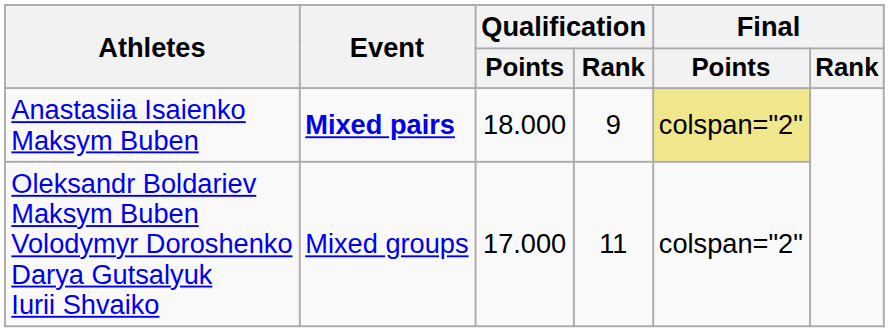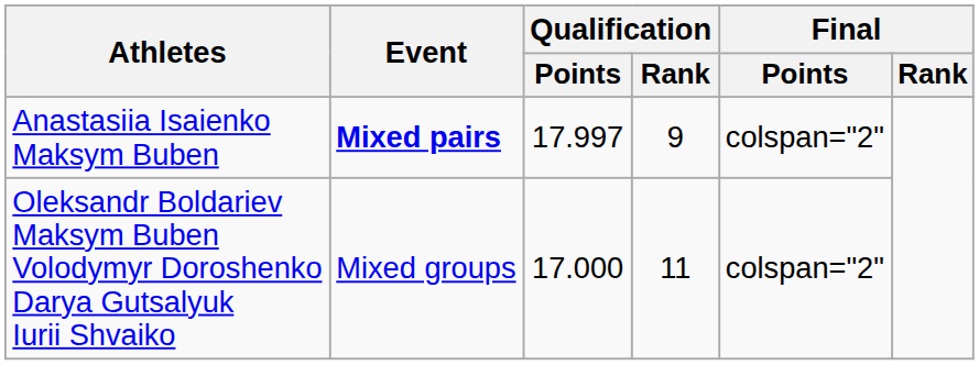 <table class="wikitable" style="font-size:90%">
 <tr>
 <th rowspan="2">Athletes</th>
 <th rowspan="2">Event</th>
 <th colspan="2">Qualification</th>
 <th colspan="2">Final</th>
 </tr>
 <tr style="font-size:95%">
 <th>Points</th>
 <th>Rank</th>
 <th>Points</th>
 <th>Rank</th>
 </tr>
 <tr align=center>
 <td align=left><a href='#'>Anastasiia Isaienko</a><br><a href='#'>Maksym Buben</a></td>
 <td align=left><strong><a href='#'>Mixed pairs</a></strong></td>
-<td>18.000</td>
+<td>17.997</td>
 <td>9</td>
-<td style="background: khaki;">colspan="2" </td>
+<td>colspan="2" </td>
 </tr>
 <tr align=center>
 <td align=left><a href='#'>Oleksandr Boldariev</a><br><a href='#'>Maksym Buben</a><br><a href='#'>Volodymyr Doroshenko</a><br><a href='#'>Darya Gutsalyuk</a><br><a href='#'>Iurii Shvaiko</a></td>
 <td align=left><a href='#'>Mixed groups</a></td>
 <td>17.000</td>
 <td>11</td>
 <td>colspan="2" </td>
 </tr>
 </table>
